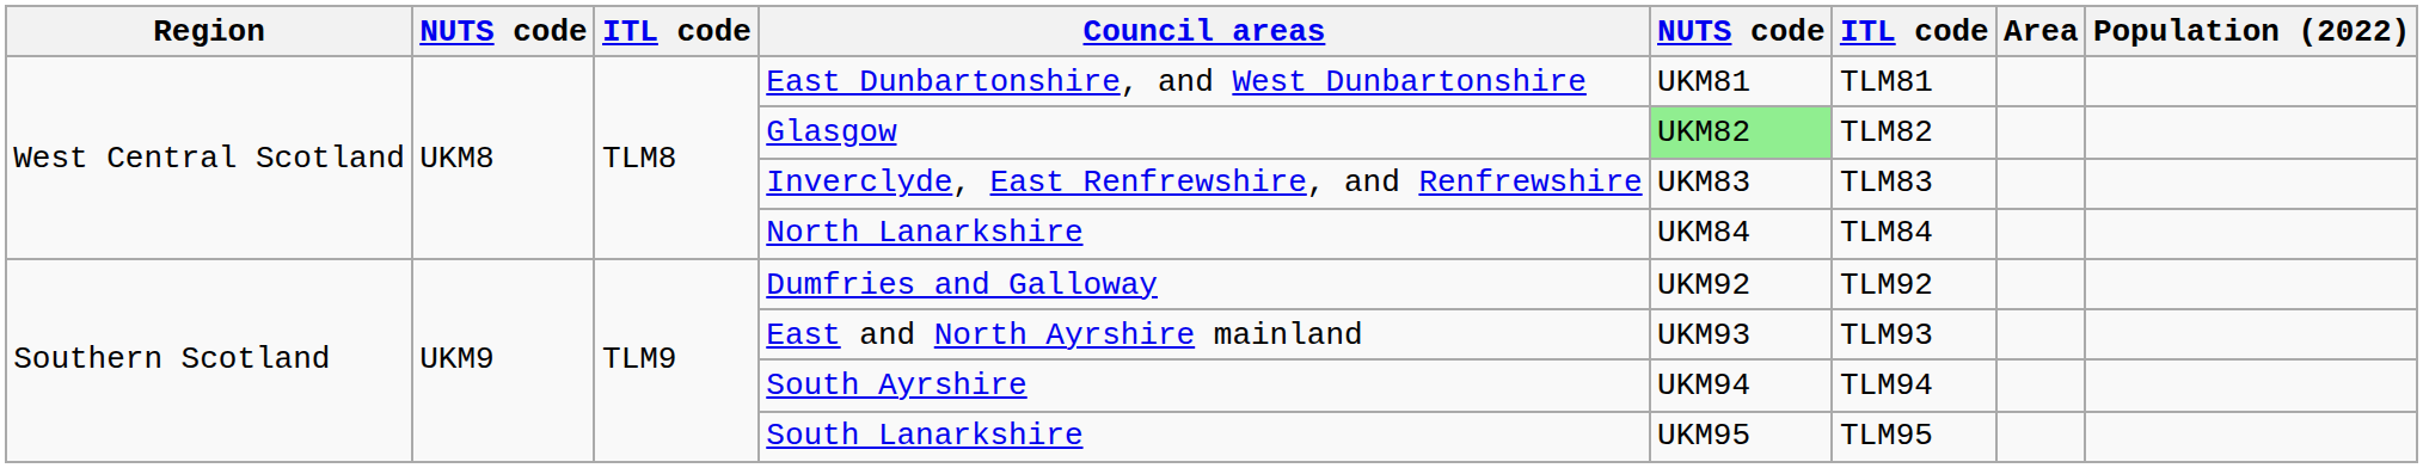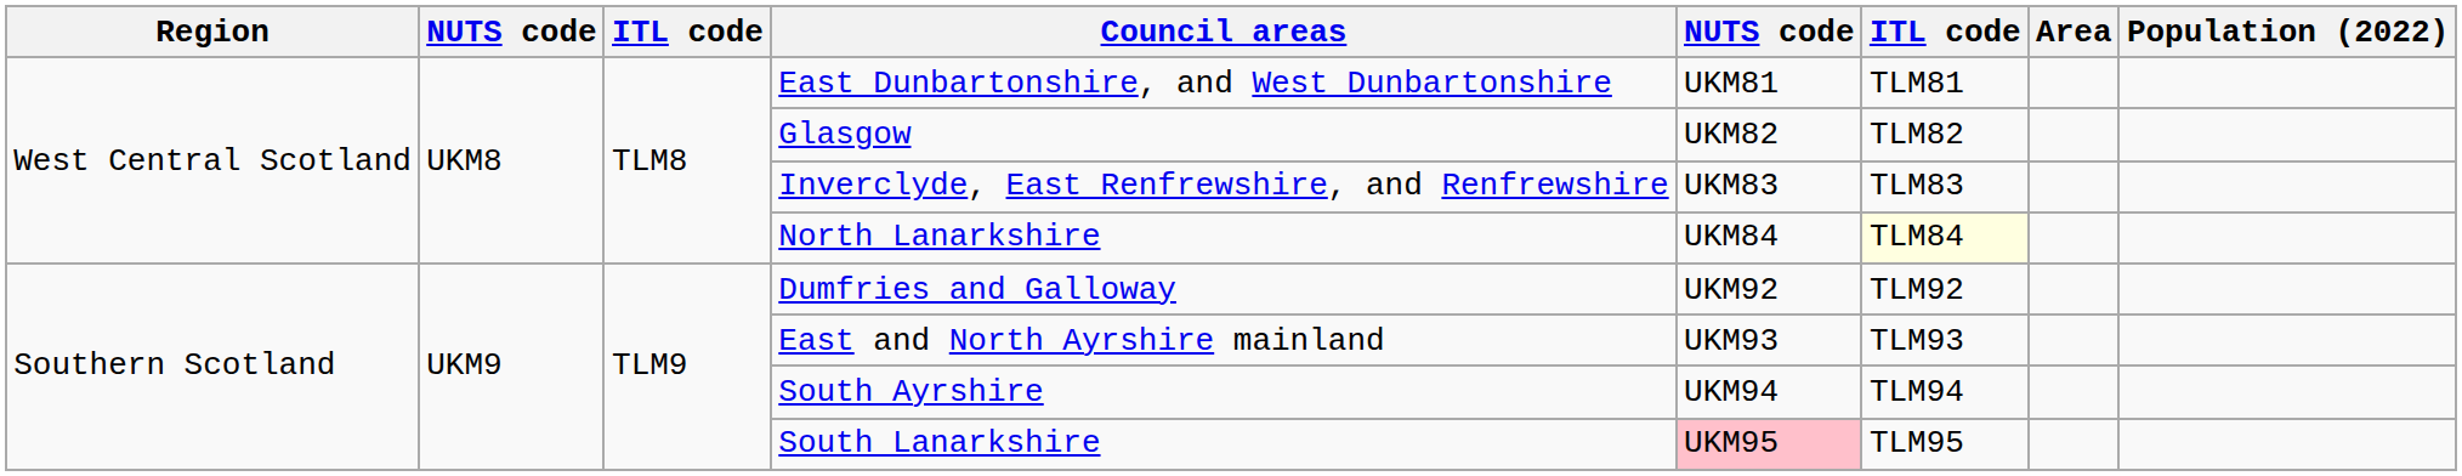 <table class="wikitable">
 <tr style="background:gold; text-align:left;">
 <th>Region</th>
 <th><a href='#'>NUTS</a> code</th>
 <th><a href='#'>ITL</a> code</th>
 <th><a href='#'>Council areas</a></th>
 <th><a href='#'>NUTS</a> code</th>
 <th><a href='#'>ITL</a> code</th>
 <th>Area</th>
 <th>Population (2022)</th>
 </tr>
 <tr>
 <td rowspan="4">West Central Scotland</td>
 <td rowspan="4">UKM8</td>
 <td rowspan="4">TLM8</td>
 <td><a href='#'>East Dunbartonshire</a>, and <a href='#'>West Dunbartonshire</a></td>
 <td>UKM81</td>
 <td>TLM81</td>
 <td></td>
 <td></td>
 </tr>
 <tr>
 <td><a href='#'>Glasgow</a></td>
-<td style="background: lightgreen;">UKM82</td>
+<td>UKM82</td>
 <td>TLM82</td>
 <td></td>
 <td></td>
 </tr>
 <tr>
 <td><a href='#'>Inverclyde</a>, <a href='#'>East Renfrewshire</a>, and <a href='#'>Renfrewshire</a></td>
 <td>UKM83</td>
 <td>TLM83</td>
 <td></td>
 <td></td>
 </tr>
 <tr>
 <td><a href='#'>North Lanarkshire</a></td>
 <td>UKM84</td>
-<td>TLM84</td>
+<td style="background: lightyellow;">TLM84</td>
 <td></td>
 <td></td>
 </tr>
 <tr>
 <td rowspan="4">Southern Scotland</td>
 <td rowspan="4">UKM9</td>
 <td rowspan="4">TLM9</td>
 <td><a href='#'>Dumfries and Galloway</a></td>
 <td>UKM92</td>
 <td>TLM92</td>
 <td></td>
 <td></td>
 </tr>
 <tr>
 <td><a href='#'>East</a> and <a href='#'>North Ayrshire</a> mainland</td>
 <td>UKM93</td>
 <td>TLM93</td>
 <td></td>
 <td></td>
 </tr>
 <tr>
 <td><a href='#'>South Ayrshire</a></td>
 <td>UKM94</td>
 <td>TLM94</td>
 <td></td>
 <td></td>
 </tr>
 <tr>
 <td><a href='#'>South Lanarkshire</a></td>
-<td>UKM95</td>
+<td style="background: pink;">UKM95</td>
 <td>TLM95</td>
 <td></td>
 <td></td>
 </tr>
 <tr>
 </tr>
 </table>
